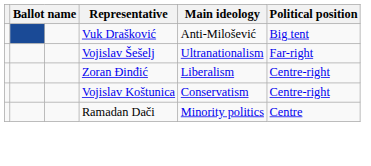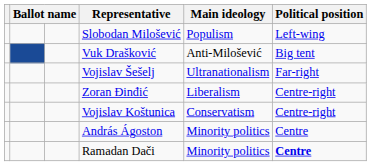 <table class="wikitable">
 <tr>
 <th></th>
 <th colspan="2">Ballot name</th>
 <th>Representative</th>
 <th>Main ideology</th>
 <th>Political position</th>
+</tr>
+<tr>
+<td></td>
+<td style="background:"></td>
+<td></td>
+<td><a href='#'>Slobodan Milošević</a></td>
+<td><a href='#'>Populism</a></td>
+<td><a href='#'>Left-wing</a></td>
 </tr>
 <tr>
 <td></td>
 <td style="background:#1A4A96"></td>
 <td></td>
 <td><a href='#'>Vuk Drašković</a></td>
 <td>Anti-Milošević</td>
 <td><a href='#'>Big tent</a></td>
 </tr>
 <tr>
 <td></td>
 <td style="background:"></td>
 <td></td>
 <td><a href='#'>Vojislav Šešelj</a></td>
 <td><a href='#'>Ultranationalism</a></td>
 <td><a href='#'>Far-right</a></td>
 </tr>
 <tr>
 <td></td>
 <td style="background:"></td>
 <td></td>
 <td><a href='#'>Zoran Đinđić</a></td>
 <td><a href='#'>Liberalism</a></td>
 <td><a href='#'>Centre-right</a></td>
 </tr>
 <tr>
 <td></td>
 <td style="background:"></td>
 <td></td>
 <td><a href='#'>Vojislav Koštunica</a></td>
 <td><a href='#'>Conservatism</a></td>
 <td><a href='#'>Centre-right</a></td>
 </tr>
 <tr>
 <td></td>
 <td style="background:"></td>
 <td></td>
-<td>Ramadan Dači</td>
+<td><a href='#'>András Ágoston</a></td>
 <td><a href='#'>Minority politics</a></td>
 <td><a href='#'>Centre</a></td>
 </tr>
+<tr>
+<td></td>
+<td style="background:"></td>
+<td></td>
+<td>Ramadan Dači</td>
+<td><a href='#'>Minority politics</a></td>
+<td><strong><a href='#'>Centre</a></strong></td>
+</tr>
 </table>
